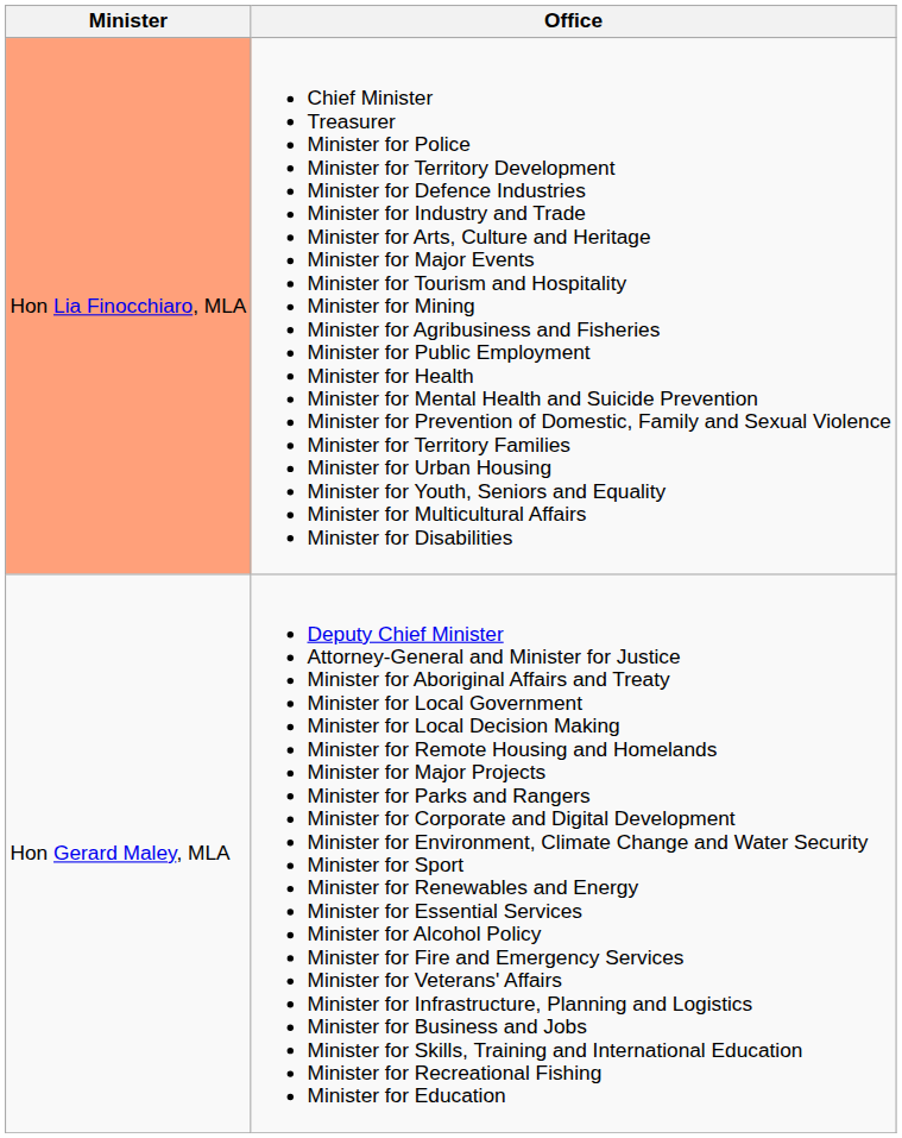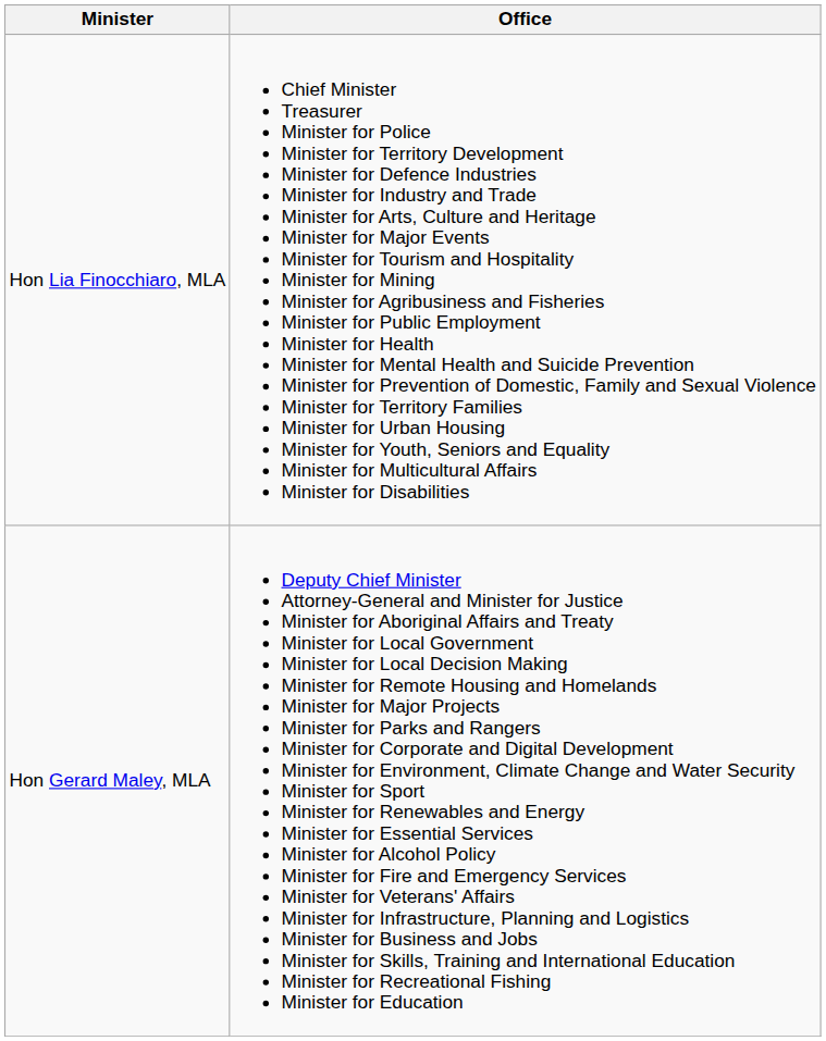 <table class="wikitable">
 <tr>
 <th>Minister</th>
 <th>Office</th>
 </tr>
 <tr>
-<td style="background: lightsalmon;">Hon <a href='#'>Lia Finocchiaro</a>, MLA</td>
+<td>Hon <a href='#'>Lia Finocchiaro</a>, MLA</td>
 <td><br><ul><li>Chief Minister</li><li>Treasurer</li><li>Minister for Police</li><li>Minister for Territory Development</li><li>Minister for Defence Industries</li><li>Minister for Industry and Trade</li><li>Minister for Arts, Culture and Heritage</li><li>Minister for Major Events</li><li>Minister for Tourism and Hospitality</li><li>Minister for Mining</li><li>Minister for Agribusiness and Fisheries</li><li>Minister for Public Employment</li><li>Minister for Health</li><li>Minister for Mental Health and Suicide Prevention</li><li>Minister for Prevention of Domestic, Family and Sexual Violence</li><li>Minister for Territory Families</li><li>Minister for Urban Housing</li><li>Minister for Youth, Seniors and Equality</li><li>Minister for Multicultural Affairs</li><li>Minister for Disabilities</li></ul></td>
 </tr>
 <tr>
 <td>Hon <a href='#'>Gerard Maley</a>, MLA</td>
 <td><br><ul><li><a href='#'>Deputy Chief Minister</a></li><li>Attorney-General and Minister for Justice</li><li>Minister for Aboriginal Affairs and Treaty</li><li>Minister for Local Government</li><li>Minister for Local Decision Making</li><li>Minister for Remote Housing and Homelands</li><li>Minister for Major Projects</li><li>Minister for Parks and Rangers</li><li>Minister for Corporate and Digital Development</li><li>Minister for Environment, Climate Change and Water Security</li><li>Minister for Sport</li><li>Minister for Renewables and Energy</li><li>Minister for Essential Services</li><li>Minister for Alcohol Policy</li><li>Minister for Fire and Emergency Services</li><li>Minister for Veterans' Affairs</li><li>Minister for Infrastructure, Planning and Logistics</li><li>Minister for Business and Jobs</li><li>Minister for Skills, Training and International Education</li><li>Minister for Recreational Fishing</li><li>Minister for Education</li></ul></td>
 </tr>
 </table>
